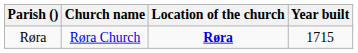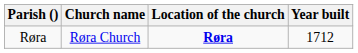 <table class="wikitable" style="text-align:center">
 <tr>
 <th>Parish ()</th>
 <th>Church name</th>
 <th>Location of the church</th>
 <th>Year built</th>
 </tr>
 <tr>
 <td rowspan="1">Røra</td>
 <td><a href='#'>Røra Church</a></td>
 <td><strong><a href='#'>Røra</a></strong></td>
-<td>1715</td>
+<td>1712</td>
 </tr>
 </table>
